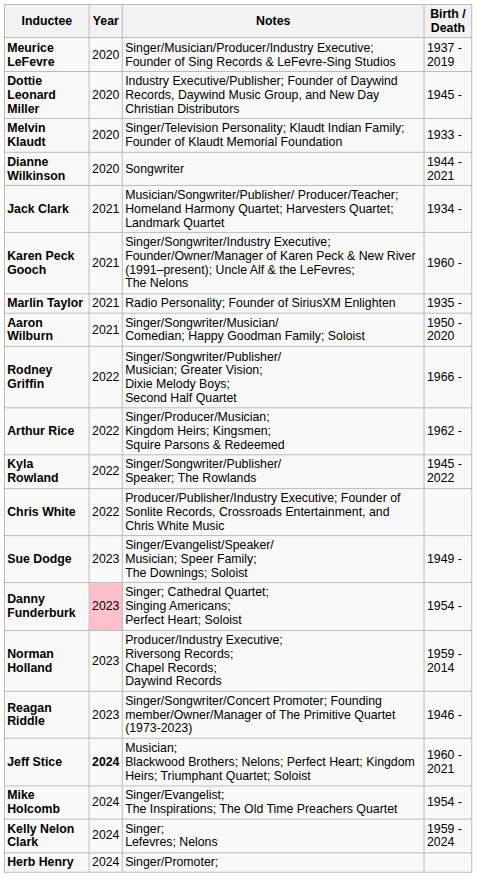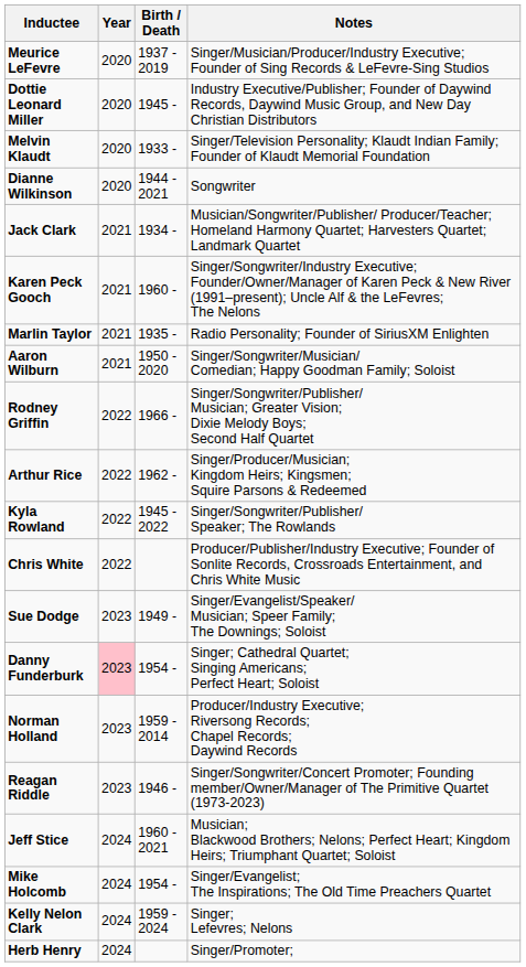 <table class="wikitable">
 <tr>
 <th>Inductee</th>
 <th>Year</th>
+<th>Birth / Death</th>
 <th>Notes</th>
-<th>Birth / Death</th>
 </tr>
 <tr>
 <td><strong>Meurice LeFevre</strong></td>
 <td>2020</td>
+<td>1937 - 2019</td>
 <td>Singer/Musician/Producer/Industry Executive; Founder of Sing Records & LeFevre-Sing Studios</td>
-<td>1937 - 2019</td>
 </tr>
 <tr>
 <td><strong>Dottie Leonard Miller</strong></td>
 <td>2020</td>
+<td>1945 -</td>
 <td>Industry Executive/Publisher; Founder of Daywind Records, Daywind Music Group, and New Day Christian Distributors</td>
-<td>1945 -</td>
 </tr>
 <tr>
 <td><strong>Melvin Klaudt</strong></td>
 <td>2020</td>
+<td>1933 -</td>
 <td>Singer/Television Personality; Klaudt Indian Family; Founder of Klaudt Memorial Foundation</td>
-<td>1933 -</td>
 </tr>
 <tr>
 <td><strong>Dianne Wilkinson</strong></td>
 <td>2020</td>
+<td>1944 - 2021</td>
 <td>Songwriter</td>
-<td>1944 - 2021</td>
 </tr>
 <tr>
 <td><strong>Jack Clark</strong></td>
 <td>2021</td>
+<td>1934 -</td>
 <td>Musician/Songwriter/Publisher/ Producer/Teacher;<br>Homeland Harmony Quartet; Harvesters Quartet;<br>Landmark Quartet</td>
-<td>1934 -</td>
 </tr>
 <tr>
 <td><strong>Karen Peck Gooch</strong></td>
 <td>2021</td>
+<td>1960 -</td>
 <td>Singer/Songwriter/Industry Executive; Founder/Owner/Manager of Karen Peck & New River (1991–present); Uncle Alf & the LeFevres;<br>The Nelons</td>
-<td>1960 -</td>
 </tr>
 <tr>
 <td><strong>Marlin Taylor</strong></td>
 <td>2021</td>
+<td>1935 -</td>
 <td>Radio Personality; Founder of SiriusXM Enlighten</td>
-<td>1935 -</td>
 </tr>
 <tr>
 <td><strong>Aaron Wilburn</strong></td>
 <td>2021</td>
+<td>1950 - 2020</td>
 <td>Singer/Songwriter/Musician/<br>Comedian; Happy Goodman Family; Soloist</td>
-<td>1950 - 2020</td>
 </tr>
 <tr>
 <td><strong>Rodney Griffin</strong></td>
 <td>2022</td>
+<td>1966 -</td>
 <td>Singer/Songwriter/Publisher/<br>Musician; Greater Vision;<br>Dixie Melody Boys;<br>Second Half Quartet</td>
-<td>1966 -</td>
 </tr>
 <tr>
 <td><strong>Arthur Rice</strong></td>
 <td>2022</td>
+<td>1962 -</td>
 <td>Singer/Producer/Musician;<br>Kingdom Heirs; Kingsmen;<br>Squire Parsons & Redeemed</td>
-<td>1962 -</td>
 </tr>
 <tr>
 <td><strong>Kyla Rowland</strong></td>
 <td>2022</td>
+<td>1945 - 2022</td>
 <td>Singer/Songwriter/Publisher/<br>Speaker; The Rowlands</td>
-<td>1945 - 2022</td>
 </tr>
 <tr>
 <td><strong>Chris White</strong></td>
 <td>2022</td>
+<td></td>
 <td>Producer/Publisher/Industry Executive; Founder of Sonlite Records, Crossroads Entertainment, and Chris White Music</td>
-<td></td>
 </tr>
 <tr>
 <td><strong>Sue Dodge</strong></td>
 <td>2023</td>
+<td>1949 -</td>
 <td>Singer/Evangelist/Speaker/<br>Musician; Speer Family;<br>The Downings; Soloist</td>
-<td>1949 -</td>
 </tr>
 <tr>
 <td><strong>Danny Funderburk</strong></td>
 <td style="background: pink;">2023</td>
+<td>1954 -</td>
 <td>Singer; Cathedral Quartet;<br>Singing Americans;<br>Perfect Heart; Soloist</td>
-<td>1954 -</td>
 </tr>
 <tr>
 <td><strong>Norman Holland</strong></td>
 <td>2023</td>
+<td>1959 - 2014</td>
 <td>Producer/Industry Executive;<br>Riversong Records;<br>Chapel Records;<br>Daywind Records</td>
-<td>1959 - 2014</td>
 </tr>
 <tr>
 <td><strong>Reagan Riddle</strong></td>
 <td>2023</td>
+<td>1946 -</td>
 <td>Singer/Songwriter/Concert Promoter; Founding member/Owner/Manager of The Primitive Quartet (1973-2023)</td>
-<td>1946 -</td>
 </tr>
 <tr>
 <td><strong>Jeff Stice</strong></td>
-<td><strong>2024</strong></td>
+<td>2024</td>
+<td>1960 - 2021</td>
 <td>Musician;<br>Blackwood Brothers; Nelons;  Perfect Heart; Kingdom Heirs;  Triumphant Quartet; Soloist</td>
-<td>1960 - 2021</td>
 </tr>
 <tr>
 <td><strong>Mike Holcomb</strong></td>
 <td>2024</td>
+<td>1954 -</td>
 <td>Singer/Evangelist;<br>The Inspirations; The Old Time Preachers Quartet</td>
-<td>1954 -</td>
 </tr>
 <tr>
 <td><strong>Kelly Nelon Clark</strong></td>
 <td>2024</td>
+<td>1959 - 2024</td>
 <td>Singer;<br>Lefevres; Nelons</td>
-<td>1959 - 2024</td>
 </tr>
 <tr>
 <td><strong>Herb Henry</strong></td>
 <td>2024</td>
+<td></td>
 <td>Singer/Promoter;</td>
-<td></td>
 </tr>
 </table>
